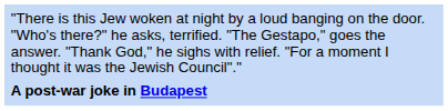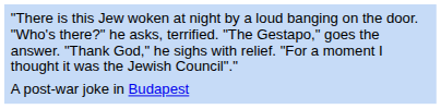 <table class="toccolours" style="float: left; margin-left: 0em; margin-right: 1em; font-size: 85%; background:#c6dbf7; color:black; width:30em; max-width: 40%;" cellspacing="5">
 <tr>
 <td style="text-align: left;">"There is this Jew woken at night by a loud banging on the door. "Who's there?" he asks, terrified. "The Gestapo," goes the answer. "Thank God," he sighs with relief. "For a moment I thought it was the Jewish Council"."</td>
 </tr>
 <tr>
-<td style="text-align: left;"><strong>A post-war joke in <a href='#'>Budapest</a></strong></td>
+<td style="text-align: left;">A post-war joke in <a href='#'>Budapest</a></td>
 </tr>
 </table>
